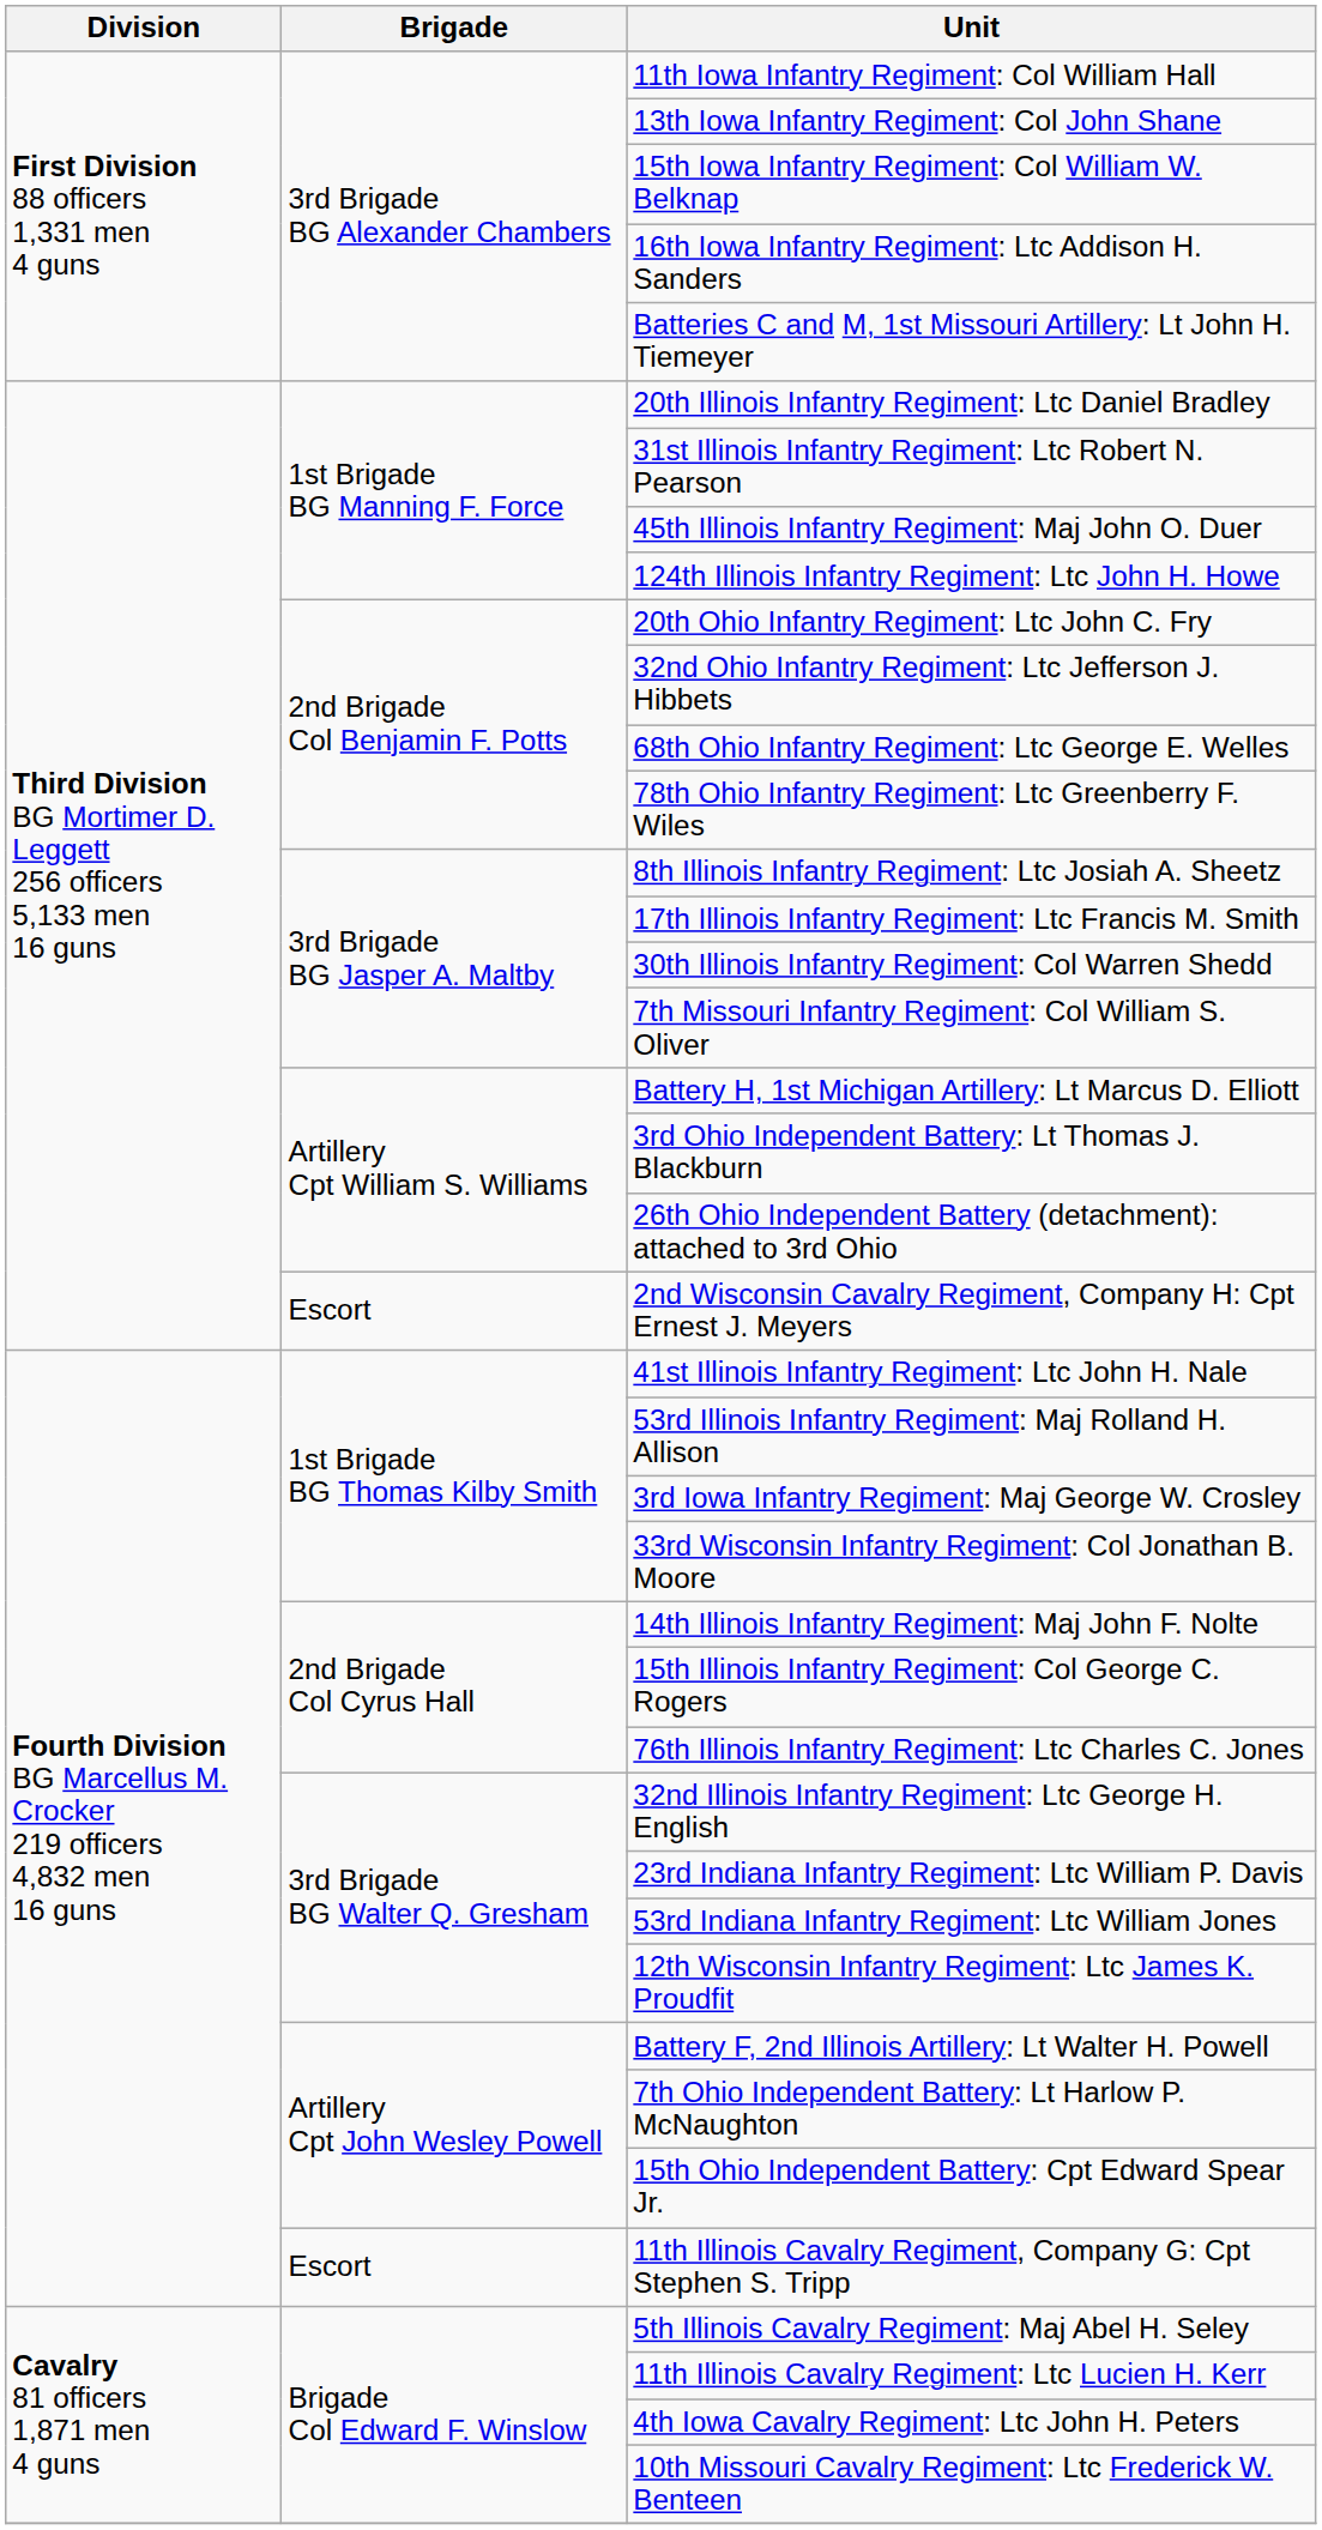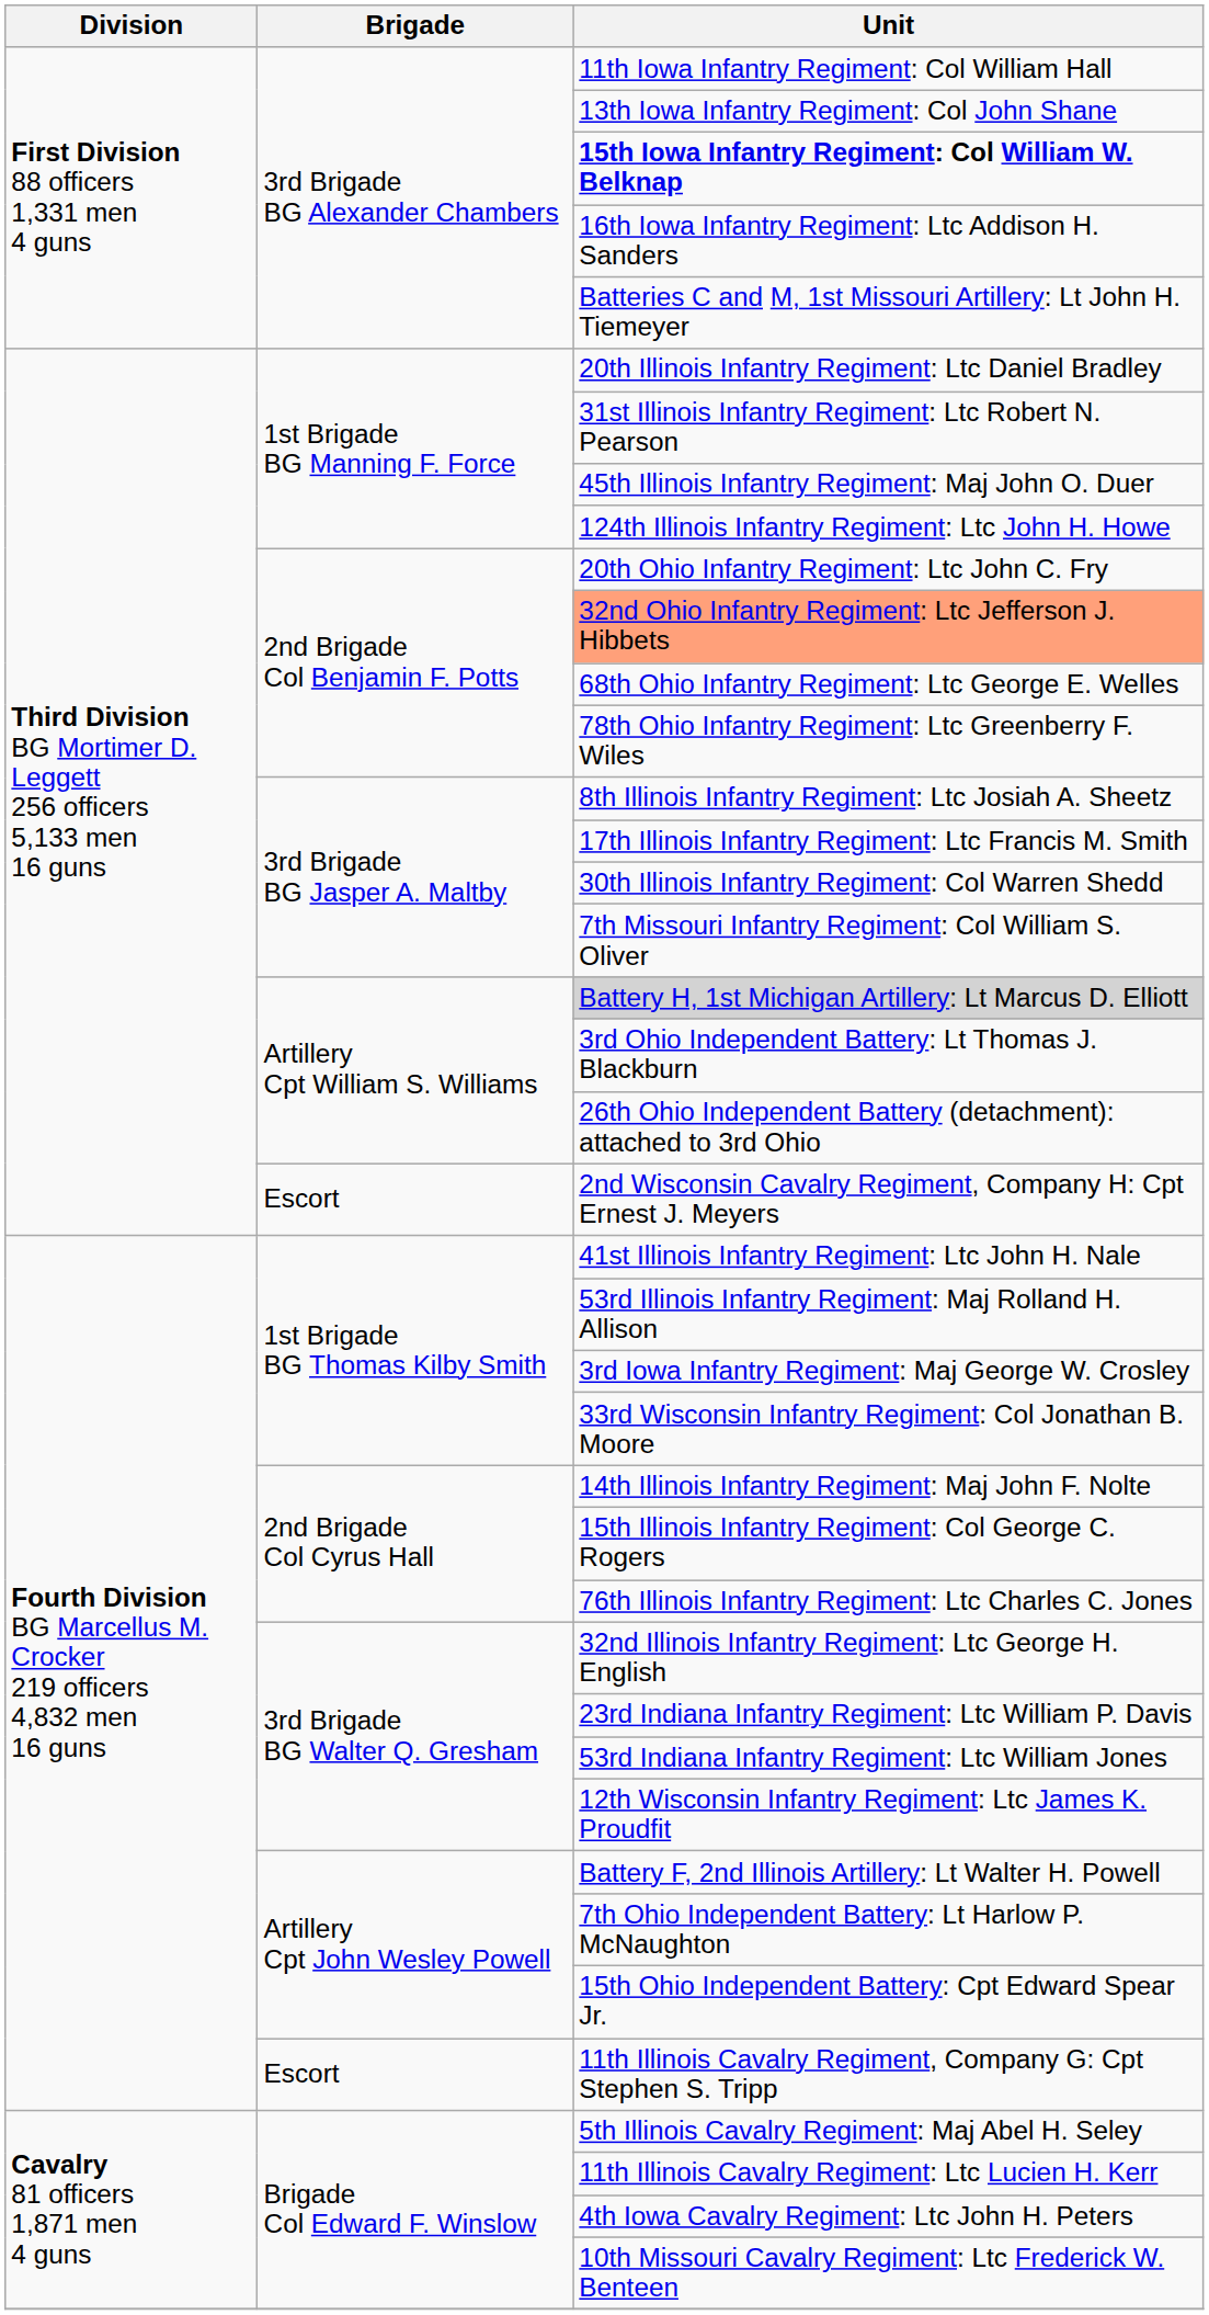 <table class="wikitable" style="text-align:left; width:57%;">
 <tr>
 <th width=12%>Division</th>
 <th width=15%>Brigade</th>
 <th width=30%>Unit</th>
 </tr>
 <tr>
 <td rowspan=5><strong>First Division</strong><br>88 officers<br>1,331 men<br>4 guns</td>
 <td rowspan=5>3rd Brigade<br>BG <a href='#'>Alexander Chambers</a></td>
 <td><a href='#'>11th Iowa Infantry Regiment</a>: Col William Hall</td>
 </tr>
 <tr>
 <td><a href='#'>13th Iowa Infantry Regiment</a>: Col <a href='#'>John Shane</a></td>
 </tr>
 <tr>
-<td><a href='#'>15th Iowa Infantry Regiment</a>: Col <a href='#'>William W. Belknap</a></td>
+<td><strong><a href='#'>15th Iowa Infantry Regiment</a>: Col <a href='#'>William W. Belknap</a></strong></td>
 </tr>
 <tr>
 <td><a href='#'>16th Iowa Infantry Regiment</a>: Ltc Addison H. Sanders</td>
 </tr>
 <tr>
 <td><a href='#'>Batteries C and</a> <a href='#'>M, 1st Missouri Artillery</a>: Lt John H. Tiemeyer</td>
 </tr>
 <tr>
 <td rowspan=16><strong>Third Division</strong><br>BG <a href='#'>Mortimer D. Leggett</a><br>256 officers<br>5,133 men<br>16 guns</td>
 <td rowspan=4>1st Brigade<br>BG <a href='#'>Manning F. Force</a></td>
 <td><a href='#'>20th Illinois Infantry Regiment</a>: Ltc Daniel Bradley</td>
 </tr>
 <tr>
 <td><a href='#'>31st Illinois Infantry Regiment</a>: Ltc Robert N. Pearson</td>
 </tr>
 <tr>
 <td><a href='#'>45th Illinois Infantry Regiment</a>: Maj John O. Duer</td>
 </tr>
 <tr>
 <td><a href='#'>124th Illinois Infantry Regiment</a>: Ltc <a href='#'>John H. Howe</a></td>
 </tr>
 <tr>
 <td rowspan=4>2nd Brigade<br>Col <a href='#'>Benjamin F. Potts</a></td>
 <td><a href='#'>20th Ohio Infantry Regiment</a>: Ltc John C. Fry</td>
 </tr>
 <tr>
-<td><a href='#'>32nd Ohio Infantry Regiment</a>: Ltc Jefferson J. Hibbets</td>
+<td style="background: lightsalmon;"><a href='#'>32nd Ohio Infantry Regiment</a>: Ltc Jefferson J. Hibbets</td>
 </tr>
 <tr>
 <td><a href='#'>68th Ohio Infantry Regiment</a>: Ltc George E. Welles</td>
 </tr>
 <tr>
 <td><a href='#'>78th Ohio Infantry Regiment</a>: Ltc Greenberry F. Wiles</td>
 </tr>
 <tr>
 <td rowspan=4>3rd Brigade<br>BG <a href='#'>Jasper A. Maltby</a></td>
 <td><a href='#'>8th Illinois Infantry Regiment</a>: Ltc Josiah A. Sheetz</td>
 </tr>
 <tr>
 <td><a href='#'>17th Illinois Infantry Regiment</a>: Ltc Francis M. Smith</td>
 </tr>
 <tr>
 <td><a href='#'>30th Illinois Infantry Regiment</a>: Col Warren Shedd</td>
 </tr>
 <tr>
 <td><a href='#'>7th Missouri Infantry Regiment</a>: Col William S. Oliver</td>
 </tr>
 <tr>
 <td rowspan=3>Artillery<br>Cpt William S. Williams</td>
-<td><a href='#'>Battery H, 1st Michigan Artillery</a>: Lt Marcus D. Elliott</td>
+<td style="background: lightgrey;"><a href='#'>Battery H, 1st Michigan Artillery</a>: Lt Marcus D. Elliott</td>
 </tr>
 <tr>
 <td><a href='#'>3rd Ohio Independent Battery</a>: Lt Thomas J. Blackburn</td>
 </tr>
 <tr>
 <td><a href='#'>26th Ohio Independent Battery</a> (detachment): attached to 3rd Ohio</td>
 </tr>
 <tr>
 <td rowspan=1>Escort</td>
 <td><a href='#'>2nd Wisconsin Cavalry Regiment</a>, Company H: Cpt Ernest J. Meyers</td>
 </tr>
 <tr>
 <td rowspan=15><strong>Fourth Division</strong><br>BG <a href='#'>Marcellus M. Crocker</a><br>219 officers<br>4,832 men<br>16 guns</td>
 <td rowspan=4>1st Brigade<br>BG <a href='#'>Thomas Kilby Smith</a></td>
 <td><a href='#'>41st Illinois Infantry Regiment</a>: Ltc John H. Nale</td>
 </tr>
 <tr>
 <td><a href='#'>53rd Illinois Infantry Regiment</a>: Maj Rolland H. Allison</td>
 </tr>
 <tr>
 <td><a href='#'>3rd Iowa Infantry Regiment</a>: Maj George W. Crosley</td>
 </tr>
 <tr>
 <td><a href='#'>33rd Wisconsin Infantry Regiment</a>: Col Jonathan B. Moore</td>
 </tr>
 <tr>
 <td rowspan=3>2nd Brigade<br>Col Cyrus Hall</td>
 <td><a href='#'>14th Illinois Infantry Regiment</a>: Maj John F. Nolte</td>
 </tr>
 <tr>
 <td><a href='#'>15th Illinois Infantry Regiment</a>: Col George C. Rogers</td>
 </tr>
 <tr>
 <td><a href='#'>76th Illinois Infantry Regiment</a>: Ltc Charles C. Jones</td>
 </tr>
 <tr>
 <td rowspan=4>3rd Brigade<br>BG <a href='#'>Walter Q. Gresham</a></td>
 <td><a href='#'>32nd Illinois Infantry Regiment</a>: Ltc George H. English</td>
 </tr>
 <tr>
 <td><a href='#'>23rd Indiana Infantry Regiment</a>: Ltc William P. Davis</td>
 </tr>
 <tr>
 <td><a href='#'>53rd Indiana Infantry Regiment</a>: Ltc William Jones</td>
 </tr>
 <tr>
 <td><a href='#'>12th Wisconsin Infantry Regiment</a>: Ltc <a href='#'>James K. Proudfit</a></td>
 </tr>
 <tr>
 <td rowspan=3>Artillery<br>Cpt <a href='#'>John Wesley Powell</a></td>
 <td><a href='#'>Battery F, 2nd Illinois Artillery</a>: Lt Walter H. Powell</td>
 </tr>
 <tr>
 <td><a href='#'>7th Ohio Independent Battery</a>: Lt Harlow P. McNaughton</td>
 </tr>
 <tr>
 <td><a href='#'>15th Ohio Independent Battery</a>: Cpt Edward Spear Jr.</td>
 </tr>
 <tr>
 <td rowspan=1>Escort</td>
 <td><a href='#'>11th Illinois Cavalry Regiment</a>, Company G: Cpt Stephen S. Tripp</td>
 </tr>
 <tr>
 <td rowspan=4><strong>Cavalry</strong><br>81 officers<br>1,871 men<br>4 guns</td>
 <td rowspan=4>Brigade<br>Col <a href='#'>Edward F. Winslow</a></td>
 <td><a href='#'>5th Illinois Cavalry Regiment</a>: Maj Abel H. Seley</td>
 </tr>
 <tr>
 <td><a href='#'>11th Illinois Cavalry Regiment</a>: Ltc <a href='#'>Lucien H. Kerr</a></td>
 </tr>
 <tr>
 <td><a href='#'>4th Iowa Cavalry Regiment</a>: Ltc John H. Peters</td>
 </tr>
 <tr>
 <td><a href='#'>10th Missouri Cavalry Regiment</a>: Ltc <a href='#'>Frederick W. Benteen</a></td>
 </tr>
 <tr>
 </tr>
 </table>
